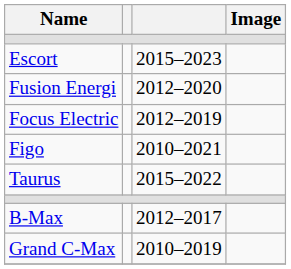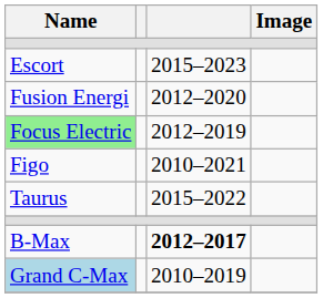 <table class="wikitable sortable">
 <tr>
 <th style="width:px;">Name</th>
 <th style="width:px;"></th>
 <th style="width:px;"></th>
 <th style="width:px;">Image</th>
 </tr>
 <tr>
 <td colspan=6 style=background:#e0e0e0></td>
 </tr>
 <tr>
 <td><a href='#'>Escort</a></td>
 <td></td>
 <td>2015–2023</td>
 <td></td>
 </tr>
 <tr>
 <td><a href='#'>Fusion Energi</a></td>
 <td></td>
 <td>2012–2020</td>
 <td></td>
 </tr>
 <tr>
-<td><a href='#'>Focus Electric</a></td>
+<td style="background: lightgreen;"><a href='#'>Focus Electric</a></td>
 <td></td>
 <td>2012–2019</td>
 <td></td>
 </tr>
 <tr>
 <td><a href='#'>Figo</a></td>
 <td></td>
 <td>2010–2021</td>
 <td></td>
 </tr>
 <tr>
 <td><a href='#'>Taurus</a></td>
 <td></td>
 <td>2015–2022</td>
 <td></td>
 </tr>
 <tr>
 <td colspan=6 style=background:#e0e0e0></td>
 </tr>
 <tr>
 <td><a href='#'>B-Max</a></td>
 <td></td>
-<td>2012–2017</td>
+<td><strong>2012–2017</strong></td>
 <td></td>
 </tr>
 <tr>
-<td><a href='#'>Grand C-Max</a></td>
+<td style="background: lightblue;"><a href='#'>Grand C-Max</a></td>
 <td></td>
 <td>2010–2019</td>
 <td></td>
 </tr>
 <tr>
 </tr>
 </table>
